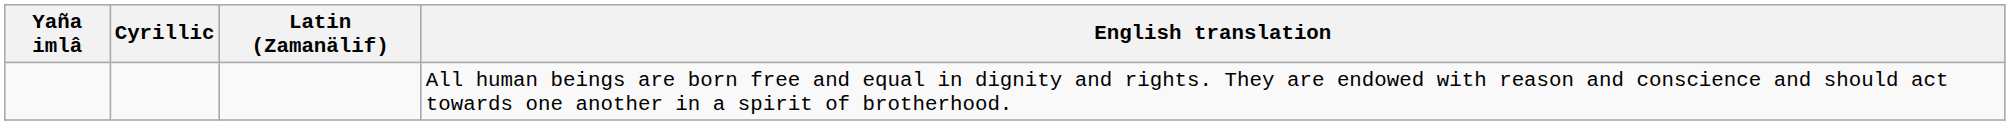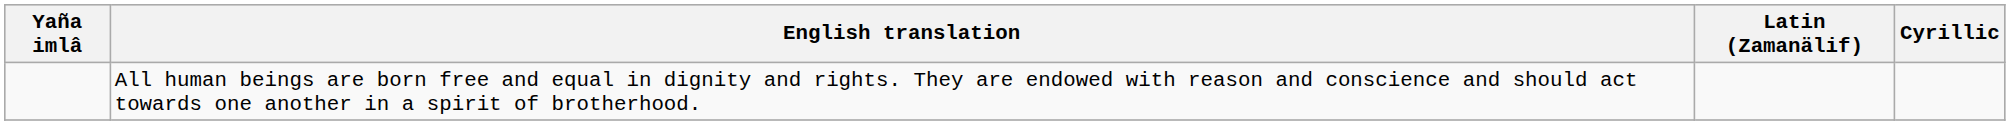 <table class="wikitable">
 <tr>
 <th scope="col">Yaña imlâ</th>
+<th scope="col">English translation</th>
+<th scope="col">Latin (Zamanälif)</th>
 <th scope="col">Cyrillic</th>
-<th scope="col">Latin (Zamanälif)</th>
-<th scope="col">English translation</th>
 </tr>
 <tr>
 <td></td>
+<td>All human beings are born free and equal in dignity and rights. They are endowed with reason and conscience and should act towards one another in a spirit of brotherhood.</td>
 <td></td>
 <td></td>
-<td>All human beings are born free and equal in dignity and rights. They are endowed with reason and conscience and should act towards one another in a spirit of brotherhood.</td>
 </tr>
 </table>
